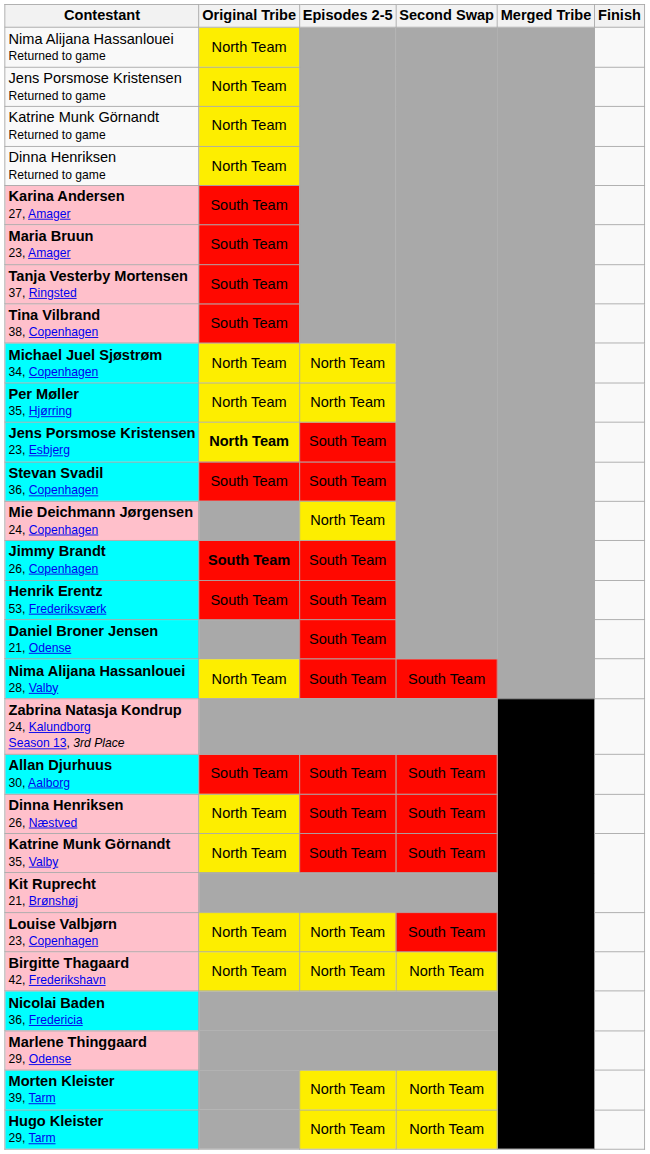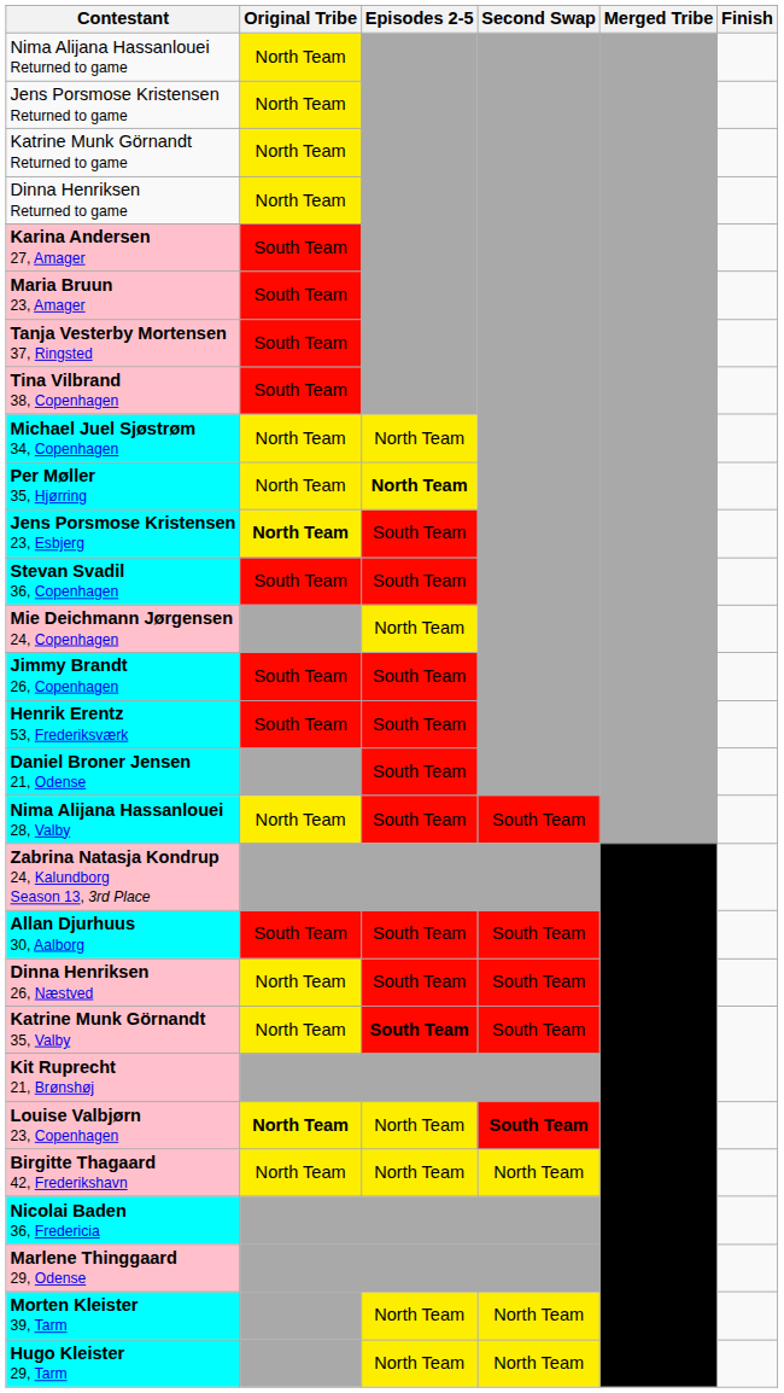 <table class="wikitable sortable" style="margin:auto; text-align:center">
 <tr>
 <th>Contestant</th>
 <th>Original Tribe</th>
 <th>Episodes 2-5</th>
 <th>Second Swap</th>
 <th>Merged Tribe</th>
 <th>Finish</th>
 </tr>
 <tr>
 <td align="left">Nima Alijana Hassanlouei<br><small>Returned to game</small></td>
 <td style="background:#fdee00; text-align:center;">North Team</td>
 <td bgcolor="darkgray" rowspan="8"></td>
 <td bgcolor="darkgray" rowspan="16"></td>
 <td bgcolor="darkgray" rowspan="17"></td>
 <td></td>
 </tr>
 <tr>
 <td align="left">Jens Porsmose Kristensen<br><small>Returned to game</small></td>
 <td style="background:#fdee00; text-align:center;">North Team</td>
 <td></td>
 </tr>
 <tr>
 <td align="left">Katrine Munk Görnandt<br><small>Returned to game</small></td>
 <td style="background:#fdee00; text-align:center;">North Team</td>
 <td></td>
 </tr>
 <tr>
 <td align="left">Dinna Henriksen<br><small>Returned to game</small></td>
 <td style="background:#fdee00; text-align:center;">North Team</td>
 <td></td>
 </tr>
 <tr>
 <td style="text-align:left; background:pink;"><strong>Karina Andersen</strong><br><small>27, <a href='#'>Amager</a></small></td>
 <td style="background:#ff0800; text-align:center;">South Team</td>
 <td></td>
 </tr>
 <tr>
 <td style="text-align:left; background:pink;"><strong>Maria Bruun</strong><br><small>23, <a href='#'>Amager</a></small></td>
 <td style="background:#ff0800; text-align:center;">South Team</td>
 <td></td>
 </tr>
 <tr>
 <td style="text-align:left; background:pink;"><strong>Tanja Vesterby Mortensen</strong><br><small>37, <a href='#'>Ringsted</a></small></td>
 <td style="background:#ff0800; text-align:center;">South Team</td>
 <td></td>
 </tr>
 <tr>
 <td style="text-align:left; background:pink;"><strong>Tina Vilbrand</strong><br><small>38, <a href='#'>Copenhagen</a></small></td>
 <td style="background:#ff0800; text-align:center;">South Team</td>
 <td></td>
 </tr>
 <tr>
 <td style="text-align:left; background:cyan;"><strong>Michael Juel Sjøstrøm</strong><br><small>34, <a href='#'>Copenhagen</a></small></td>
 <td style="background:#fdee00; text-align:center;">North Team</td>
 <td style="background:#fdee00; text-align:center;">North Team</td>
 <td></td>
 </tr>
 <tr>
 <td style="text-align:left; background:cyan;"><strong>Per Møller</strong><br><small>35, <a href='#'>Hjørring</a></small></td>
 <td style="background:#fdee00; text-align:center;">North Team</td>
-<td style="background:#fdee00; text-align:center;">North Team</td>
+<td style="background:#fdee00; text-align:center;"><strong>North Team</strong></td>
 <td></td>
 </tr>
 <tr>
 <td style="text-align:left; background:cyan;"><strong>Jens Porsmose Kristensen</strong><br><small>23, <a href='#'>Esbjerg</a></small></td>
 <td style="background:#fdee00; text-align:center;"><strong>North Team</strong></td>
 <td style="background:#ff0800; text-align:center;">South Team</td>
 <td></td>
 </tr>
 <tr>
 <td style="text-align:left; background:cyan;"><strong>Stevan Svadil</strong><br><small>36, <a href='#'>Copenhagen</a></small></td>
 <td style="background:#ff0800; text-align:center;">South Team</td>
 <td style="background:#ff0800; text-align:center;">South Team</td>
 <td></td>
 </tr>
 <tr>
 <td style="text-align:left; background:pink;"><strong>Mie Deichmann Jørgensen</strong><br><small>24, <a href='#'>Copenhagen</a></small></td>
 <td style="background:darkgrey;"></td>
 <td style="background:#fdee00; text-align:center;">North Team</td>
 <td></td>
 </tr>
 <tr>
 <td style="text-align:left; background:cyan;"><strong>Jimmy Brandt</strong><br><small>26, <a href='#'>Copenhagen</a></small></td>
-<td style="background:#ff0800; text-align:center;"><strong>South Team</strong></td>
+<td style="background:#ff0800; text-align:center;">South Team</td>
 <td style="background:#ff0800; text-align:center;">South Team</td>
 <td></td>
 </tr>
 <tr>
 <td style="text-align:left; background:cyan;"><strong>Henrik Erentz</strong><br><small>53, <a href='#'>Frederiksværk</a></small></td>
 <td style="background:#ff0800; text-align:center;">South Team</td>
 <td style="background:#ff0800; text-align:center;">South Team</td>
 <td></td>
 </tr>
 <tr>
 <td style="text-align:left; background:cyan;"><strong>Daniel Broner Jensen</strong><br><small>21, <a href='#'>Odense</a></small></td>
 <td style="background:darkgrey;"></td>
 <td style="background:#ff0800; text-align:center;">South Team</td>
 <td></td>
 </tr>
 <tr>
 <td style="text-align:left; background:cyan;"><strong>Nima Alijana Hassanlouei</strong><br><small>28, <a href='#'>Valby</a></small></td>
 <td style="background:#fdee00; text-align:center;">North Team</td>
 <td style="background:#ff0800; text-align:center;">South Team</td>
 <td style="background:#ff0800; text-align:center;">South Team</td>
 <td></td>
 </tr>
 <tr>
 <td style="text-align:left; background:pink;"><strong>Zabrina Natasja Kondrup</strong><br><small>24, <a href='#'>Kalundborg</a><br><a href='#'>Season 13</a>, <em>3rd Place</em></small></td>
 <td style="background:darkgrey;" colspan="3"></td>
 <td style="background:black;" rowspan="11"><span>Robinson</span></td>
 <td></td>
 </tr>
 <tr>
 <td style="text-align:left; background:cyan;"><strong>Allan Djurhuus</strong><br><small>30, <a href='#'>Aalborg</a></small></td>
 <td style="background:#ff0800; text-align:center;">South Team</td>
 <td style="background:#ff0800; text-align:center;">South Team</td>
 <td style="background:#ff0800; text-align:center;">South Team</td>
 <td></td>
 </tr>
 <tr>
 <td style="text-align:left; background:pink;"><strong>Dinna Henriksen</strong><br><small>26, <a href='#'>Næstved</a></small></td>
 <td style="background:#fdee00; text-align:center;">North Team</td>
 <td style="background:#ff0800; text-align:center;">South Team</td>
 <td style="background:#ff0800; text-align:center;">South Team</td>
 <td></td>
 </tr>
 <tr>
 <td style="text-align:left; background:pink;"><strong>Katrine Munk Görnandt</strong><br><small>35, <a href='#'>Valby</a></small></td>
 <td style="background:#fdee00; text-align:center;">North Team</td>
-<td style="background:#ff0800; text-align:center;">South Team</td>
+<td style="background:#ff0800; text-align:center;"><strong>South Team</strong></td>
 <td style="background:#ff0800; text-align:center;">South Team</td>
 <td rowspan=2></td>
 </tr>
 <tr>
 <td style="text-align:left; background:pink;"><strong>Kit Ruprecht</strong><br><small>21, <a href='#'>Brønshøj</a></small></td>
 <td style="background:darkgrey;" colspan="3"></td>
 </tr>
 <tr>
 <td style="text-align:left; background:pink;"><strong>Louise Valbjørn</strong><br><small>23, <a href='#'>Copenhagen</a></small></td>
+<td style="background:#fdee00; text-align:center;"><strong>North Team</strong></td>
 <td style="background:#fdee00; text-align:center;">North Team</td>
-<td style="background:#fdee00; text-align:center;">North Team</td>
-<td style="background:#ff0800; text-align:center;">South Team</td>
+<td style="background:#ff0800; text-align:center;"><strong>South Team</strong></td>
 <td></td>
 </tr>
 <tr>
 <td style="text-align:left; background:pink;"><strong>Birgitte Thagaard</strong><br><small>42, <a href='#'>Frederikshavn</a></small></td>
 <td style="background:#fdee00; text-align:center;">North Team</td>
 <td style="background:#fdee00; text-align:center;">North Team</td>
 <td style="background:#fdee00; text-align:center;">North Team</td>
 <td></td>
 </tr>
 <tr>
 <td style="text-align:left; background:cyan;"><strong>Nicolai Baden</strong><br><small>36, <a href='#'>Fredericia</a></small></td>
 <td style="background:darkgrey;" colspan="3"></td>
 <td></td>
 </tr>
 <tr>
 <td style="text-align:left; background:pink;"><strong>Marlene Thinggaard</strong><br><small>29, <a href='#'>Odense</a></small></td>
 <td style="background:darkgrey;" colspan="3"></td>
 <td></td>
 </tr>
 <tr>
 <td style="text-align:left; background:cyan;"><strong>Morten Kleister</strong><br><small>39, <a href='#'>Tarm</a></small></td>
 <td style="background:darkgrey;"></td>
 <td style="background:#fdee00; text-align:center;">North Team</td>
 <td style="background:#fdee00; text-align:center;">North Team</td>
 <td></td>
 </tr>
 <tr>
 <td style="text-align:left; background:cyan;"><strong>Hugo Kleister</strong><br><small>29, <a href='#'>Tarm</a></small></td>
 <td style="background:darkgrey;"></td>
 <td style="background:#fdee00; text-align:center;">North Team</td>
 <td style="background:#fdee00; text-align:center;">North Team</td>
 <td></td>
 </tr>
 </table>
